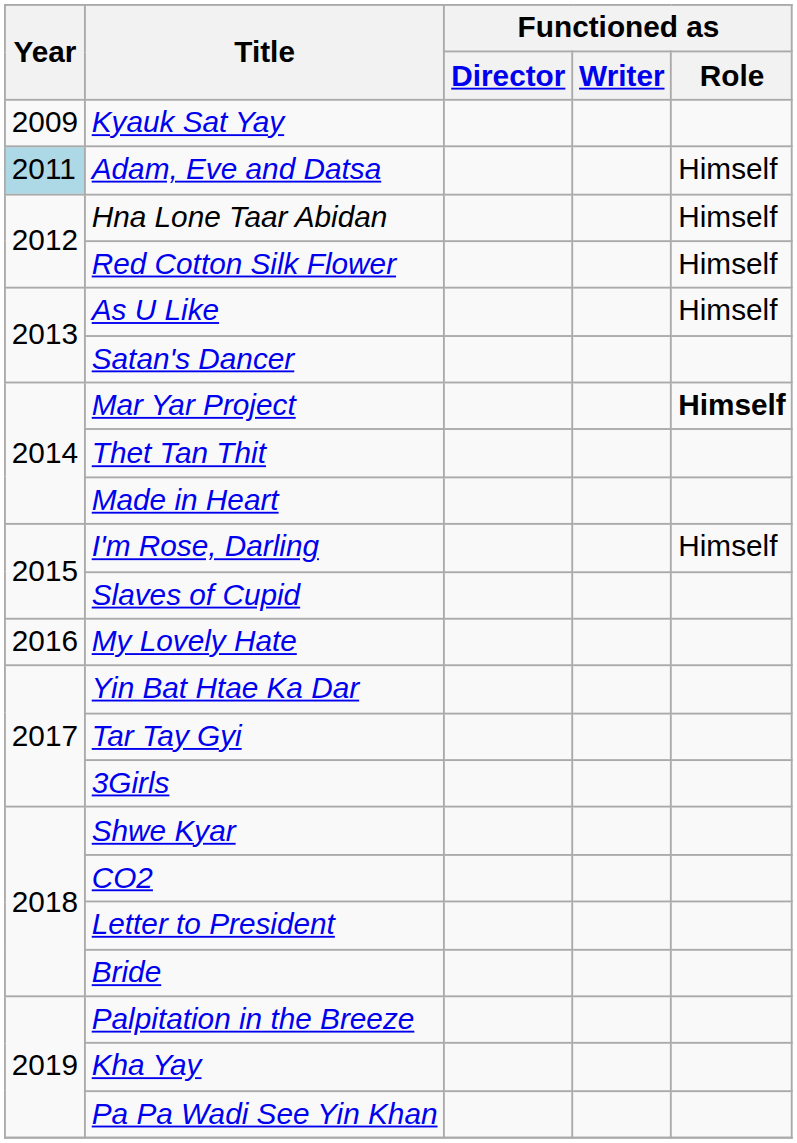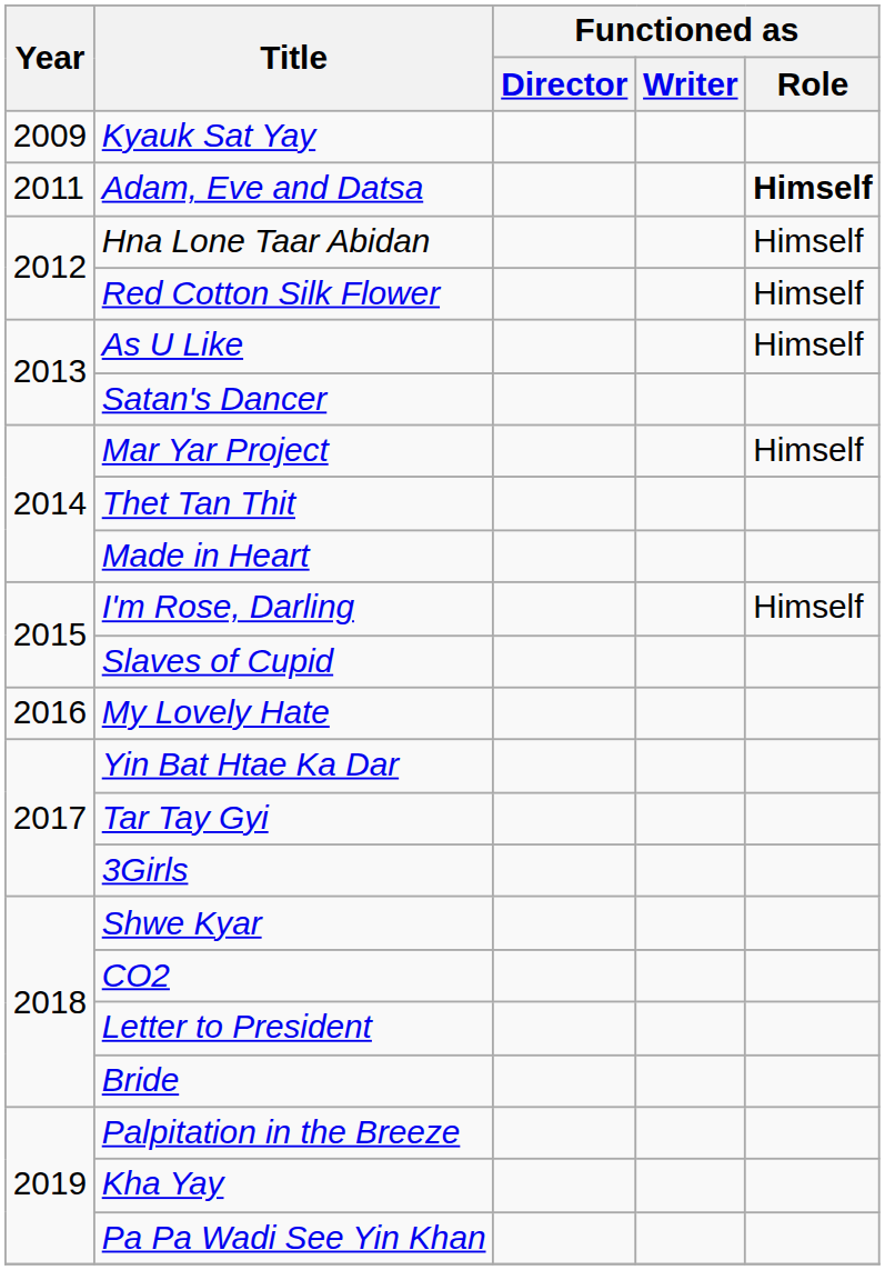 <table class="wikitable">
 <tr>
 <th rowspan="2">Year</th>
 <th rowspan="2">Title</th>
 <th colspan="5">Functioned as</th>
 </tr>
 <tr>
 <th><a href='#'>Director</a></th>
 <th><a href='#'>Writer</a></th>
 <th>Role</th>
 </tr>
 <tr>
 <td>2009</td>
 <td><em><a href='#'>Kyauk Sat Yay</a></em></td>
 <td></td>
 <td></td>
 <td></td>
 </tr>
 <tr>
-<td style="background: lightblue;">2011</td>
+<td>2011</td>
 <td><em><a href='#'>Adam, Eve and Datsa</a></em></td>
 <td></td>
 <td></td>
-<td>Himself</td>
+<td><strong>Himself</strong></td>
 </tr>
 <tr>
 <td rowspan=2>2012</td>
 <td><em>Hna Lone Taar Abidan</em></td>
 <td></td>
 <td></td>
 <td>Himself</td>
 </tr>
 <tr>
 <td><em><a href='#'>Red Cotton Silk Flower</a></em></td>
 <td></td>
 <td></td>
 <td>Himself</td>
 </tr>
 <tr>
 <td rowspan=2>2013</td>
 <td><em><a href='#'>As U Like</a></em></td>
 <td></td>
 <td></td>
 <td>Himself</td>
 </tr>
 <tr>
 <td><em><a href='#'>Satan's Dancer</a></em></td>
 <td></td>
 <td></td>
 <td></td>
 </tr>
 <tr>
 <td rowspan=3>2014</td>
 <td><em><a href='#'>Mar Yar Project</a></em></td>
 <td></td>
 <td></td>
-<td><strong>Himself</strong></td>
+<td>Himself</td>
 </tr>
 <tr>
 <td><em><a href='#'>Thet Tan Thit</a></em></td>
 <td></td>
 <td></td>
 <td></td>
 </tr>
 <tr>
 <td><em><a href='#'>Made in Heart</a></em></td>
 <td></td>
 <td></td>
 <td></td>
 </tr>
 <tr>
 <td rowspan=2>2015</td>
 <td><em><a href='#'>I'm Rose, Darling</a></em></td>
 <td></td>
 <td></td>
 <td>Himself</td>
 </tr>
 <tr>
 <td><em><a href='#'>Slaves of Cupid</a></em></td>
 <td></td>
 <td></td>
 <td></td>
 </tr>
 <tr>
 <td>2016</td>
 <td><em><a href='#'>My Lovely Hate</a></em></td>
 <td></td>
 <td></td>
 <td></td>
 </tr>
 <tr>
 <td rowspan=3>2017</td>
 <td><em><a href='#'>Yin Bat Htae Ka Dar</a></em></td>
 <td></td>
 <td></td>
 <td></td>
 </tr>
 <tr>
 <td><em><a href='#'>Tar Tay Gyi</a></em></td>
 <td></td>
 <td></td>
 <td></td>
 </tr>
 <tr>
 <td><em><a href='#'>3Girls</a></em></td>
 <td></td>
 <td></td>
 <td></td>
 </tr>
 <tr>
 <td rowspan=4>2018</td>
 <td><em><a href='#'>Shwe Kyar</a></em></td>
 <td></td>
 <td></td>
 <td></td>
 </tr>
 <tr>
 <td><em><a href='#'>CO2</a></em></td>
 <td></td>
 <td></td>
 <td></td>
 </tr>
 <tr>
 <td><em><a href='#'>Letter to President</a></em></td>
 <td></td>
 <td></td>
 <td></td>
 </tr>
 <tr>
 <td><em><a href='#'>Bride</a></em></td>
 <td></td>
 <td></td>
 <td></td>
 </tr>
 <tr>
 <td rowspan=3>2019</td>
 <td><em><a href='#'>Palpitation in the Breeze</a></em></td>
 <td></td>
 <td></td>
 <td></td>
 </tr>
 <tr>
 <td><em><a href='#'>Kha Yay</a></em></td>
 <td></td>
 <td></td>
 <td></td>
 </tr>
 <tr>
 <td><em><a href='#'>Pa Pa Wadi See Yin Khan</a></em></td>
 <td></td>
 <td></td>
 <td></td>
 </tr>
 <tr>
 </tr>
 </table>
